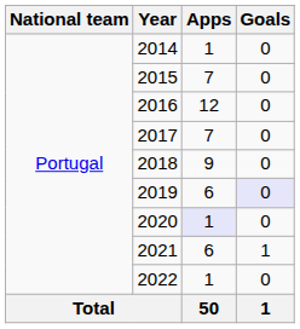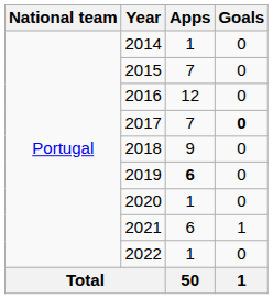 <table class="wikitable" style="text-align:center">
 <tr>
 <th>National team</th>
 <th>Year</th>
 <th>Apps</th>
 <th>Goals</th>
 </tr>
 <tr>
 <td rowspan="9"><a href='#'>Portugal</a></td>
 <td>2014</td>
 <td>1</td>
 <td>0</td>
 </tr>
 <tr>
 <td>2015</td>
 <td>7</td>
 <td>0</td>
 </tr>
 <tr>
 <td>2016</td>
 <td>12</td>
 <td>0</td>
 </tr>
 <tr>
 <td>2017</td>
 <td>7</td>
-<td>0</td>
+<td><strong>0</strong></td>
 </tr>
 <tr>
 <td>2018</td>
 <td>9</td>
 <td>0</td>
 </tr>
 <tr>
 <td>2019</td>
-<td>6</td>
-<td style="background: lavender;">0</td>
+<td><strong>6</strong></td>
+<td>0</td>
 </tr>
 <tr>
 <td>2020</td>
-<td style="background: lavender;">1</td>
+<td>1</td>
 <td>0</td>
 </tr>
 <tr>
 <td>2021</td>
 <td>6</td>
 <td>1</td>
 </tr>
 <tr>
 <td>2022</td>
 <td>1</td>
 <td>0</td>
 </tr>
 <tr>
 <th colspan="2">Total</th>
 <th>50</th>
 <th>1</th>
 </tr>
 </table>
